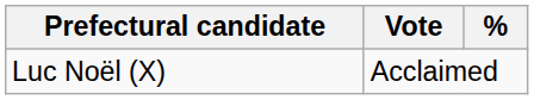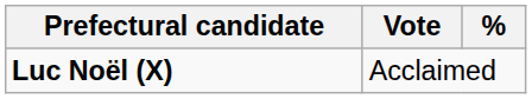 <table class="wikitable">
 <tr>
 <th bgcolor="#DDDDFF" width="200px">Prefectural candidate</th>
 <th bgcolor="#DDDDFF" width="50px">Vote</th>
 <th bgcolor="#DDDDFF" width="30px">%</th>
 </tr>
 <tr>
-<td>Luc Noël (X)</td>
+<td><strong>Luc Noël (X)</strong></td>
 <td colspan="2">Acclaimed</td>
 </tr>
 </table>
